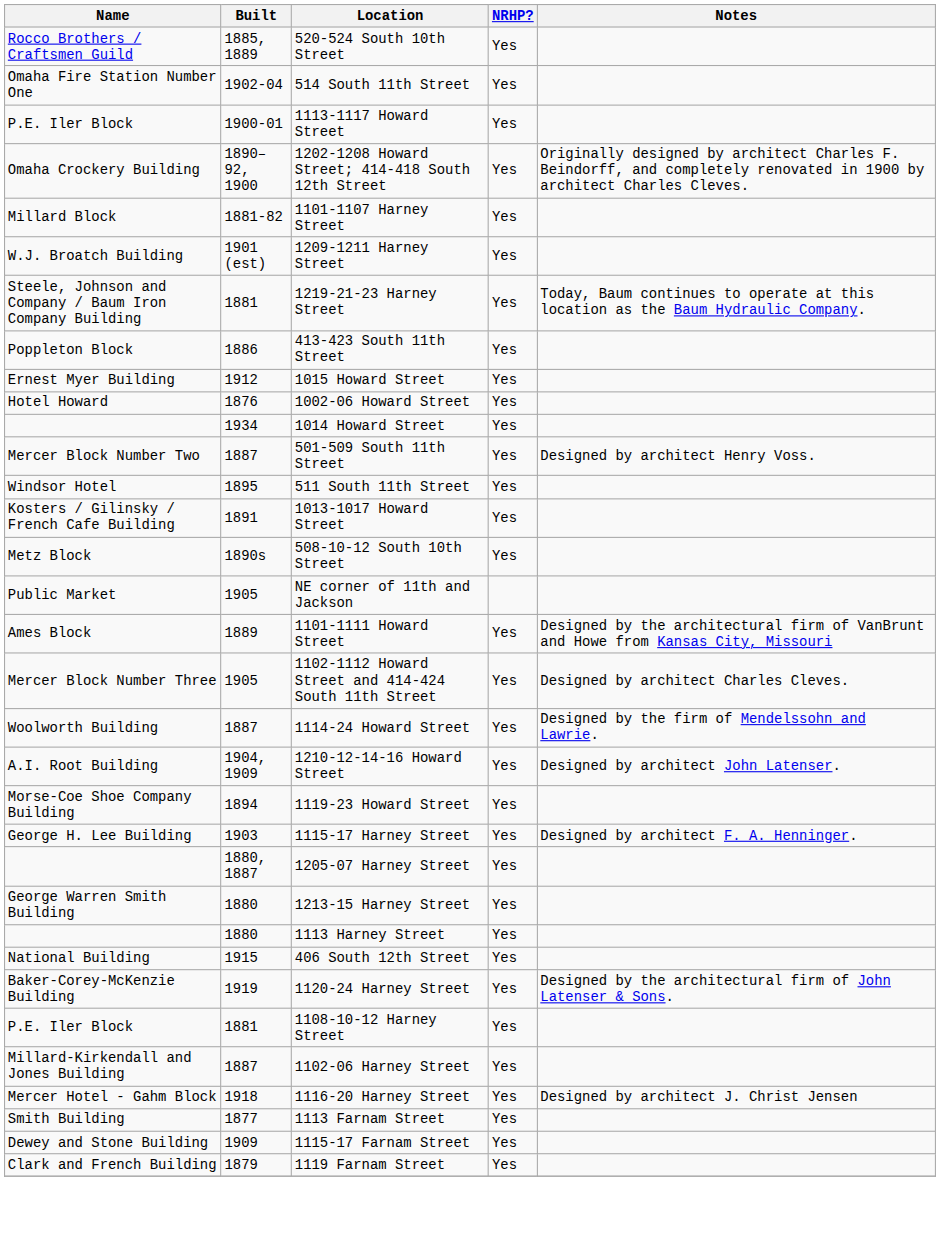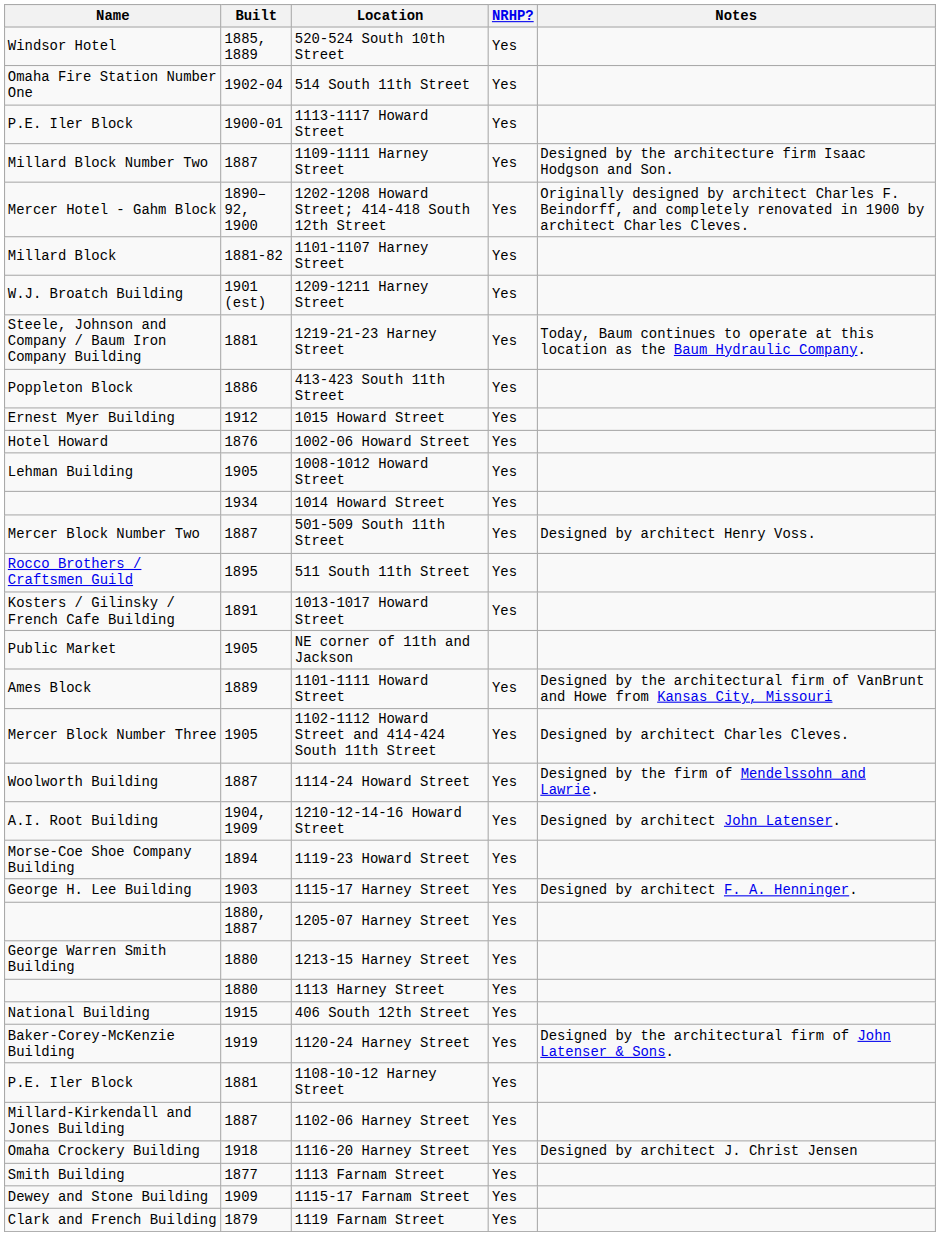 <table class="wikitable sortable">
 <tr>
 <th style="background-color:">Name</th>
 <th style="background-color:">Built</th>
 <th style="background-color:">Location</th>
 <th style="background-color:"><a href='#'>NRHP?</a></th>
 <th style="background-color:">Notes</th>
 </tr>
 <tr>
-<td><a href='#'>Rocco Brothers / Craftsmen Guild</a></td>
+<td>Windsor Hotel</td>
 <td>1885, 1889</td>
 <td>520-524 South 10th Street</td>
 <td>Yes</td>
 <td></td>
 </tr>
 <tr>
 <td>Omaha Fire Station Number One</td>
 <td>1902-04</td>
 <td>514 South 11th Street</td>
 <td>Yes</td>
 <td></td>
 </tr>
 <tr>
 <td>P.E. Iler Block</td>
 <td>1900-01</td>
 <td>1113-1117 Howard Street</td>
 <td>Yes</td>
 <td></td>
 </tr>
 <tr>
-<td>Omaha Crockery Building</td>
+<td>Millard Block Number Two</td>
+<td>1887</td>
+<td>1109-1111 Harney Street</td>
+<td>Yes</td>
+<td>Designed by the architecture firm Isaac Hodgson and Son.</td>
+</tr>
+<tr>
+<td>Mercer Hotel - Gahm Block</td>
 <td>1890–92, 1900</td>
 <td>1202-1208 Howard Street; 414-418 South 12th Street</td>
 <td>Yes</td>
 <td>Originally designed by architect Charles F. Beindorff, and completely renovated in 1900 by architect Charles Cleves.</td>
 </tr>
 <tr>
 <td>Millard Block</td>
 <td>1881-82</td>
 <td>1101-1107 Harney Street</td>
 <td>Yes</td>
 <td></td>
 </tr>
 <tr>
 <td>W.J. Broatch Building</td>
 <td>1901 (est)</td>
 <td>1209-1211 Harney Street</td>
 <td>Yes</td>
 <td></td>
 </tr>
 <tr>
 <td>Steele, Johnson and Company / Baum Iron Company Building</td>
 <td>1881</td>
 <td>1219-21-23 Harney Street</td>
 <td>Yes</td>
 <td>Today, Baum continues to operate at this location as the <a href='#'>Baum Hydraulic Company</a>.</td>
 </tr>
 <tr>
 <td>Poppleton Block</td>
 <td>1886</td>
 <td>413-423 South 11th Street</td>
 <td>Yes</td>
 <td></td>
 </tr>
 <tr>
 <td>Ernest Myer Building</td>
 <td>1912</td>
 <td>1015 Howard Street</td>
 <td>Yes</td>
 <td></td>
 </tr>
 <tr>
 <td>Hotel Howard</td>
 <td>1876</td>
 <td>1002-06 Howard Street</td>
 <td>Yes</td>
 <td></td>
 </tr>
 <tr>
+<td>Lehman Building</td>
+<td>1905</td>
+<td>1008-1012 Howard Street</td>
+<td>Yes</td>
+<td></td>
+</tr>
+<tr>
 <td></td>
 <td>1934</td>
 <td>1014 Howard Street</td>
 <td>Yes</td>
 <td></td>
 </tr>
 <tr>
 <td>Mercer Block Number Two</td>
 <td>1887</td>
 <td>501-509 South 11th Street</td>
 <td>Yes</td>
 <td>Designed by architect Henry Voss.</td>
 </tr>
 <tr>
-<td>Windsor Hotel</td>
+<td><a href='#'>Rocco Brothers / Craftsmen Guild</a></td>
 <td>1895</td>
 <td>511 South 11th Street</td>
 <td>Yes</td>
 <td></td>
 </tr>
 <tr>
 <td>Kosters / Gilinsky / French Cafe Building</td>
 <td>1891</td>
 <td>1013-1017 Howard Street</td>
-<td>Yes</td>
-<td></td>
-</tr>
-<tr>
-<td>Metz Block</td>
-<td>1890s</td>
-<td>508-10-12 South 10th Street</td>
 <td>Yes</td>
 <td></td>
 </tr>
 <tr>
 <td>Public Market</td>
 <td>1905</td>
 <td>NE corner of 11th and Jackson</td>
 <td></td>
 <td></td>
 </tr>
 <tr>
 <td>Ames Block</td>
 <td>1889</td>
 <td>1101-1111 Howard Street</td>
 <td>Yes</td>
 <td>Designed by the architectural firm of VanBrunt and Howe from <a href='#'>Kansas City, Missouri</a></td>
 </tr>
 <tr>
 <td>Mercer Block Number Three</td>
 <td>1905</td>
 <td>1102-1112 Howard Street and 414-424 South 11th Street</td>
 <td>Yes</td>
 <td>Designed by architect Charles Cleves.</td>
 </tr>
 <tr>
 <td>Woolworth Building</td>
 <td>1887</td>
 <td>1114-24 Howard Street</td>
 <td>Yes</td>
 <td>Designed by the firm of <a href='#'>Mendelssohn and Lawrie</a>.</td>
 </tr>
 <tr>
 <td>A.I. Root Building</td>
 <td>1904, 1909</td>
 <td>1210-12-14-16 Howard Street</td>
 <td>Yes</td>
 <td>Designed by architect <a href='#'>John Latenser</a>.</td>
 </tr>
 <tr>
 <td>Morse-Coe Shoe Company Building</td>
 <td>1894</td>
 <td>1119-23 Howard Street</td>
 <td>Yes</td>
 <td></td>
 </tr>
 <tr>
 <td>George H. Lee Building</td>
 <td>1903</td>
 <td>1115-17 Harney Street</td>
 <td>Yes</td>
 <td>Designed by architect <a href='#'>F. A. Henninger</a>.</td>
 </tr>
 <tr>
 <td></td>
 <td>1880, 1887</td>
 <td>1205-07 Harney Street</td>
 <td>Yes</td>
 <td></td>
 </tr>
 <tr>
 <td>George Warren Smith Building</td>
 <td>1880</td>
 <td>1213-15 Harney Street</td>
 <td>Yes</td>
 <td></td>
 </tr>
 <tr>
 <td></td>
 <td>1880</td>
 <td>1113 Harney Street</td>
 <td>Yes</td>
 <td></td>
 </tr>
 <tr>
 <td>National Building</td>
 <td>1915</td>
 <td>406 South 12th Street</td>
 <td>Yes</td>
 <td></td>
 </tr>
 <tr>
 <td>Baker-Corey-McKenzie Building</td>
 <td>1919</td>
 <td>1120-24 Harney Street</td>
 <td>Yes</td>
 <td>Designed by the architectural firm of <a href='#'>John Latenser & Sons</a>.</td>
 </tr>
 <tr>
 <td>P.E. Iler Block</td>
 <td>1881</td>
 <td>1108-10-12 Harney Street</td>
 <td>Yes</td>
 <td></td>
 </tr>
 <tr>
 <td>Millard-Kirkendall and Jones Building</td>
 <td>1887</td>
 <td>1102-06 Harney Street</td>
 <td>Yes</td>
 <td></td>
 </tr>
 <tr>
-<td>Mercer Hotel - Gahm Block</td>
+<td>Omaha Crockery Building</td>
 <td>1918</td>
 <td>1116-20 Harney Street</td>
 <td>Yes</td>
 <td>Designed by architect J. Christ Jensen</td>
 </tr>
 <tr>
 <td>Smith Building</td>
 <td>1877</td>
 <td>1113 Farnam Street</td>
 <td>Yes</td>
 <td></td>
 </tr>
 <tr>
 <td>Dewey and Stone Building</td>
 <td>1909</td>
 <td>1115-17 Farnam Street</td>
 <td>Yes</td>
 <td></td>
 </tr>
 <tr>
 <td>Clark and French Building</td>
 <td>1879</td>
 <td>1119 Farnam Street</td>
 <td>Yes</td>
 <td></td>
 </tr>
 <tr>
 </tr>
 </table>
